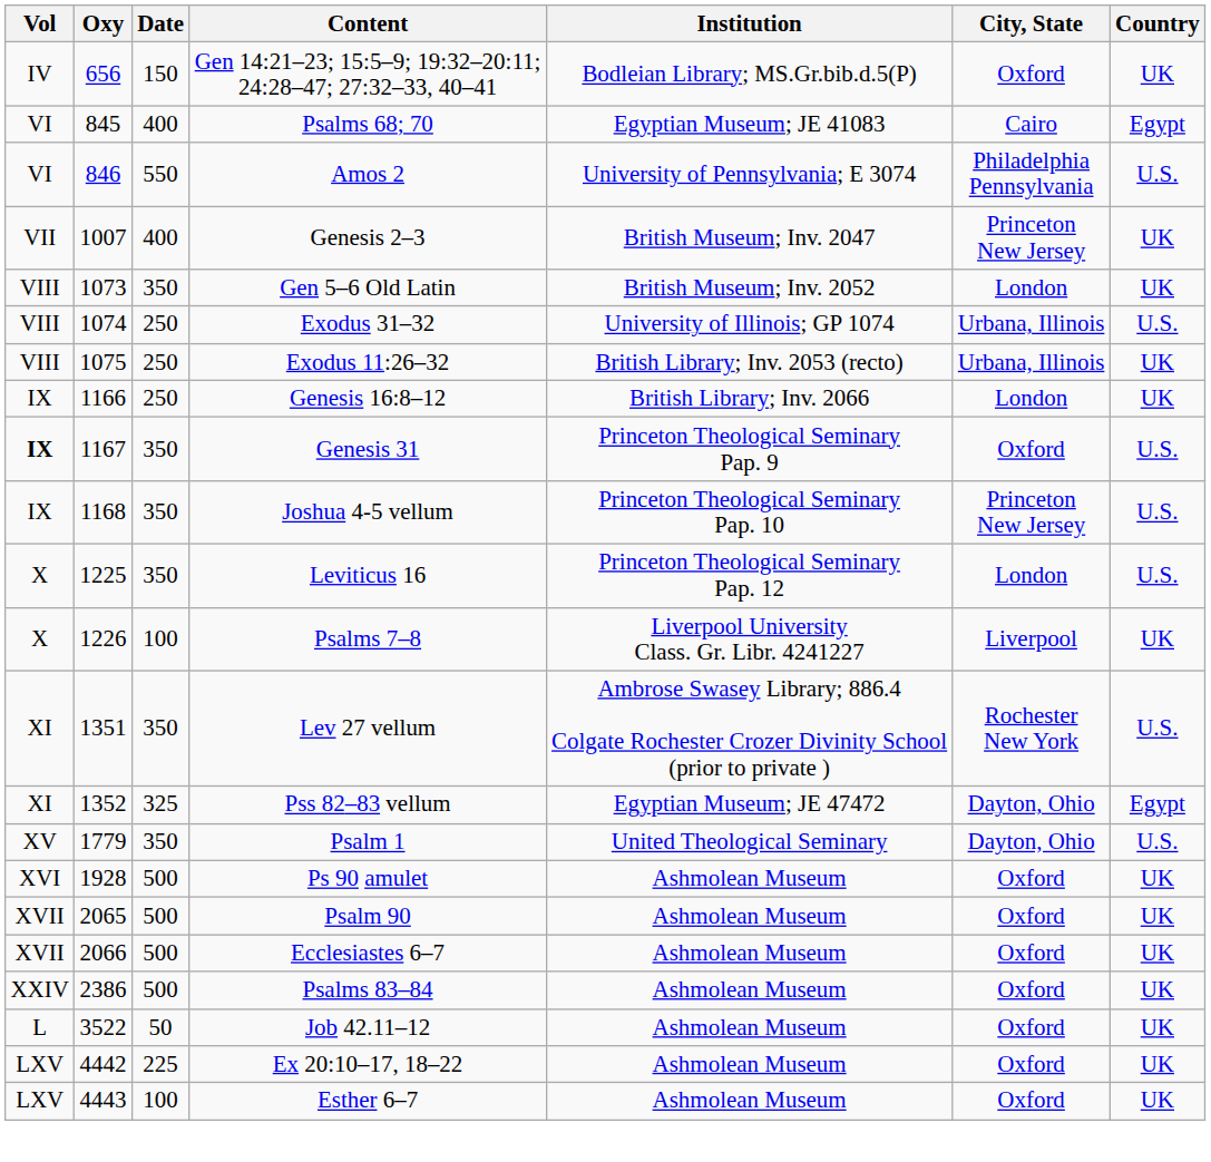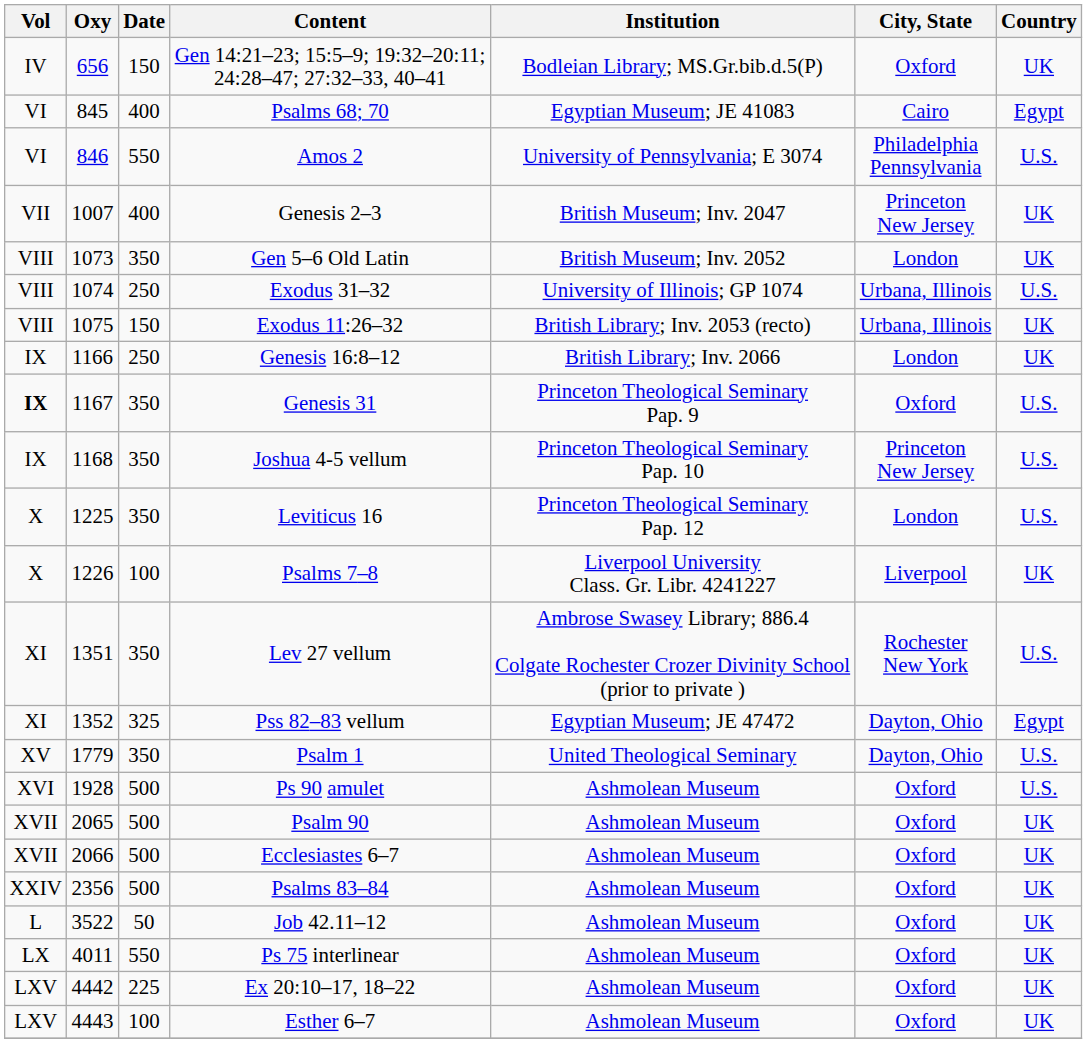 <table class="wikitable sortable" style="text-align:center">
 <tr>
 <th>Vol</th>
 <th>Oxy</th>
 <th>Date</th>
 <th>Content</th>
 <th>Institution</th>
 <th>City, State</th>
 <th>Country</th>
 </tr>
 <tr>
 <td>IV</td>
 <td><a href='#'>656</a></td>
 <td>150</td>
 <td><a href='#'>Gen</a> 14:21–23; 15:5–9; 19:32–20:11;<br>24:28–47; 27:32–33, 40–41</td>
 <td><a href='#'>Bodleian Library</a>; MS.Gr.bib.d.5(P)</td>
 <td><a href='#'>Oxford</a></td>
 <td><a href='#'>UK</a></td>
 </tr>
 <tr>
 <td>VI</td>
 <td>845</td>
 <td>400</td>
 <td><a href='#'>Psalms 68</a><a href='#'>; 70</a></td>
 <td><a href='#'>Egyptian Museum</a>; JE 41083</td>
 <td><a href='#'>Cairo</a></td>
 <td><a href='#'>Egypt</a></td>
 </tr>
 <tr>
 <td>VI</td>
 <td><a href='#'>846</a></td>
 <td>550</td>
 <td><a href='#'>Amos 2</a></td>
 <td><a href='#'>University of Pennsylvania</a>; E 3074</td>
 <td><a href='#'>Philadelphia</a><br><a href='#'>Pennsylvania</a></td>
 <td><a href='#'>U.S.</a></td>
 </tr>
 <tr>
 <td>VII</td>
 <td>1007</td>
 <td>400</td>
 <td>Genesis 2–3</td>
 <td><a href='#'>British Museum</a>; Inv. 2047</td>
 <td><a href='#'>Princeton</a><br><a href='#'>New Jersey</a></td>
 <td><a href='#'>UK</a></td>
 </tr>
 <tr>
 <td>VIII</td>
 <td>1073</td>
 <td>350</td>
 <td><a href='#'>Gen</a> 5–6 Old Latin</td>
 <td><a href='#'>British Museum</a>; Inv. 2052</td>
 <td><a href='#'>London</a></td>
 <td><a href='#'>UK</a></td>
 </tr>
 <tr>
 <td>VIII</td>
 <td>1074</td>
 <td>250</td>
 <td><a href='#'>Exodus</a> 31–32</td>
 <td><a href='#'>University of Illinois</a>; GP 1074</td>
 <td><a href='#'>Urbana, Illinois</a></td>
 <td><a href='#'>U.S.</a></td>
 </tr>
 <tr>
 <td>VIII</td>
 <td>1075</td>
-<td>250</td>
+<td>150</td>
 <td><a href='#'>Exodus 11</a>:26–32</td>
 <td><a href='#'>British Library</a>; Inv. 2053 (recto)</td>
 <td><a href='#'>Urbana, Illinois</a></td>
 <td><a href='#'>UK</a></td>
 </tr>
 <tr>
 <td>IX</td>
 <td>1166</td>
 <td>250</td>
 <td><a href='#'>Genesis</a> 16:8–12</td>
 <td><a href='#'>British Library</a>; Inv. 2066</td>
 <td><a href='#'>London</a></td>
 <td><a href='#'>UK</a></td>
 </tr>
 <tr>
 <td><strong>IX</strong></td>
 <td>1167</td>
 <td>350</td>
 <td><a href='#'>Genesis 31</a></td>
 <td><a href='#'>Princeton Theological Seminary</a><br>Pap. 9</td>
 <td><a href='#'>Oxford</a></td>
 <td><a href='#'>U.S.</a></td>
 </tr>
 <tr>
 <td>IX</td>
 <td>1168</td>
 <td>350</td>
 <td><a href='#'>Joshua</a> 4-5 vellum</td>
 <td><a href='#'>Princeton Theological Seminary</a><br>Pap. 10</td>
 <td><a href='#'>Princeton</a><br><a href='#'>New Jersey</a></td>
 <td><a href='#'>U.S.</a></td>
 </tr>
 <tr>
 <td>X</td>
 <td>1225</td>
 <td>350</td>
 <td><a href='#'>Leviticus</a> 16</td>
 <td><a href='#'>Princeton Theological Seminary</a><br>Pap. 12</td>
 <td><a href='#'>London</a></td>
 <td><a href='#'>U.S.</a></td>
 </tr>
 <tr>
 <td>X</td>
 <td>1226</td>
 <td>100</td>
 <td><a href='#'>Psalms 7</a><a href='#'>–8</a></td>
 <td><a href='#'>Liverpool University</a><br>Class. Gr. Libr. 4241227</td>
 <td><a href='#'>Liverpool</a></td>
 <td><a href='#'>UK</a></td>
 </tr>
 <tr>
 <td>XI</td>
 <td>1351</td>
 <td>350</td>
 <td><a href='#'>Lev</a> 27 vellum</td>
 <td><a href='#'>Ambrose Swasey</a> Library; 886.4<br><br><a href='#'>Colgate Rochester Crozer Divinity School</a><br> (prior to private )</td>
 <td><a href='#'>Rochester</a><br><a href='#'>New York</a></td>
 <td><a href='#'>U.S.</a></td>
 </tr>
 <tr>
 <td>XI</td>
 <td>1352</td>
 <td>325</td>
 <td><a href='#'>Pss 82</a><a href='#'>–83</a> vellum</td>
 <td><a href='#'>Egyptian Museum</a>; JE 47472</td>
 <td><a href='#'>Dayton, Ohio</a></td>
 <td><a href='#'>Egypt</a></td>
 </tr>
 <tr>
 <td>XV</td>
 <td>1779</td>
 <td>350</td>
 <td><a href='#'>Psalm 1</a></td>
 <td><a href='#'>United Theological Seminary</a></td>
 <td><a href='#'>Dayton, Ohio</a></td>
 <td><a href='#'>U.S.</a></td>
 </tr>
 <tr>
 <td>XVI</td>
 <td>1928</td>
 <td>500</td>
 <td><a href='#'>Ps 90</a> <a href='#'>amulet</a></td>
 <td><a href='#'>Ashmolean Museum</a></td>
 <td><a href='#'>Oxford</a></td>
-<td><a href='#'>UK</a></td>
+<td><a href='#'>U.S.</a></td>
 </tr>
 <tr>
 <td>XVII</td>
 <td>2065</td>
 <td>500</td>
 <td><a href='#'>Psalm 90</a></td>
 <td><a href='#'>Ashmolean Museum</a></td>
 <td><a href='#'>Oxford</a></td>
 <td><a href='#'>UK</a></td>
 </tr>
 <tr>
 <td>XVII</td>
 <td>2066</td>
 <td>500</td>
 <td><a href='#'>Ecclesiastes</a> 6–7</td>
 <td><a href='#'>Ashmolean Museum</a></td>
 <td><a href='#'>Oxford</a></td>
 <td><a href='#'>UK</a></td>
 </tr>
 <tr>
 <td>XXIV</td>
-<td>2386</td>
+<td>2356</td>
 <td>500</td>
 <td><a href='#'>Psalms 83</a><a href='#'>–84</a></td>
 <td><a href='#'>Ashmolean Museum</a></td>
 <td><a href='#'>Oxford</a></td>
 <td><a href='#'>UK</a></td>
 </tr>
 <tr>
 <td>L</td>
 <td>3522</td>
 <td>50</td>
 <td><a href='#'>Job</a> 42.11–12</td>
+<td><a href='#'>Ashmolean Museum</a></td>
+<td><a href='#'>Oxford</a></td>
+<td><a href='#'>UK</a></td>
+</tr>
+<tr>
+<td>LX</td>
+<td>4011</td>
+<td>550</td>
+<td><a href='#'>Ps 75</a> interlinear</td>
 <td><a href='#'>Ashmolean Museum</a></td>
 <td><a href='#'>Oxford</a></td>
 <td><a href='#'>UK</a></td>
 </tr>
 <tr>
 <td>LXV</td>
 <td>4442</td>
 <td>225</td>
 <td><a href='#'>Ex</a> 20:10–17, 18–22</td>
 <td><a href='#'>Ashmolean Museum</a></td>
 <td><a href='#'>Oxford</a></td>
 <td><a href='#'>UK</a></td>
 </tr>
 <tr>
 <td>LXV</td>
 <td>4443</td>
 <td>100</td>
 <td><a href='#'>Esther</a> 6–7</td>
 <td><a href='#'>Ashmolean Museum</a></td>
 <td><a href='#'>Oxford</a></td>
 <td><a href='#'>UK</a></td>
 </tr>
 <tr>
 </tr>
 </table>
